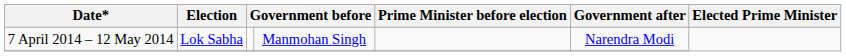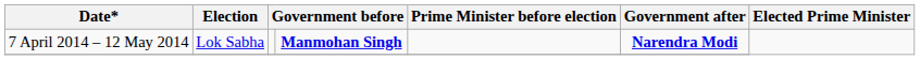 <table class="wikitable" style="text-align:center;">
 <tr>
 <th>Date*</th>
 <th>Election</th>
 <th colspan="2">Government before</th>
 <th>Prime Minister before election</th>
 <th colspan="2">Government after</th>
 <th>Elected Prime Minister</th>
 </tr>
 <tr>
 <td>7 April 2014 – 12 May 2014</td>
 <td><a href='#'>Lok Sabha</a></td>
 <td></td>
-<td><a href='#'>Manmohan Singh</a></td>
+<td><strong><a href='#'>Manmohan Singh</a></strong></td>
 <td></td>
-<td><a href='#'>Narendra Modi</a></td>
+<td><strong><a href='#'>Narendra Modi</a></strong></td>
 </tr>
 <tr>
 </tr>
 </table>
